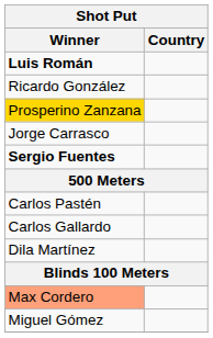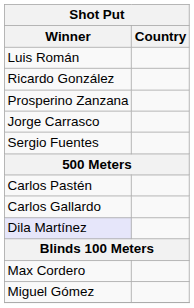 <table class="wikitable">
 <tr>
 <th colspan="3">Shot Put</th>
 </tr>
 <tr>
 <th style=>Winner</th>
 <th>Country</th>
 </tr>
 <tr>
-<td><strong>Luis Román</strong></td>
+<td>Luis Román</td>
 <td></td>
 </tr>
 <tr>
 <td>Ricardo González</td>
 <td></td>
 </tr>
 <tr>
-<td style="background: gold;">Prosperino Zanzana</td>
+<td>Prosperino Zanzana</td>
 <td></td>
 </tr>
 <tr>
 <td>Jorge Carrasco</td>
 <td></td>
 </tr>
 <tr>
-<td><strong>Sergio Fuentes</strong></td>
+<td>Sergio Fuentes</td>
 <td></td>
 </tr>
 <tr>
 <th colspan="3">500 Meters</th>
 </tr>
 <tr>
 <td>Carlos Pastén</td>
 <td></td>
 </tr>
 <tr>
 <td>Carlos Gallardo</td>
 <td></td>
 </tr>
 <tr>
-<td>Dila Martínez</td>
+<td style="background: lavender;">Dila Martínez</td>
 <td></td>
 </tr>
 <tr>
 <th colspan="3">Blinds 100 Meters</th>
 </tr>
 <tr>
-<td style="background: lightsalmon;">Max Cordero</td>
+<td>Max Cordero</td>
 <td></td>
 </tr>
 <tr>
 <td>Miguel Gómez</td>
 <td></td>
 </tr>
 <tr>
 </tr>
 </table>
